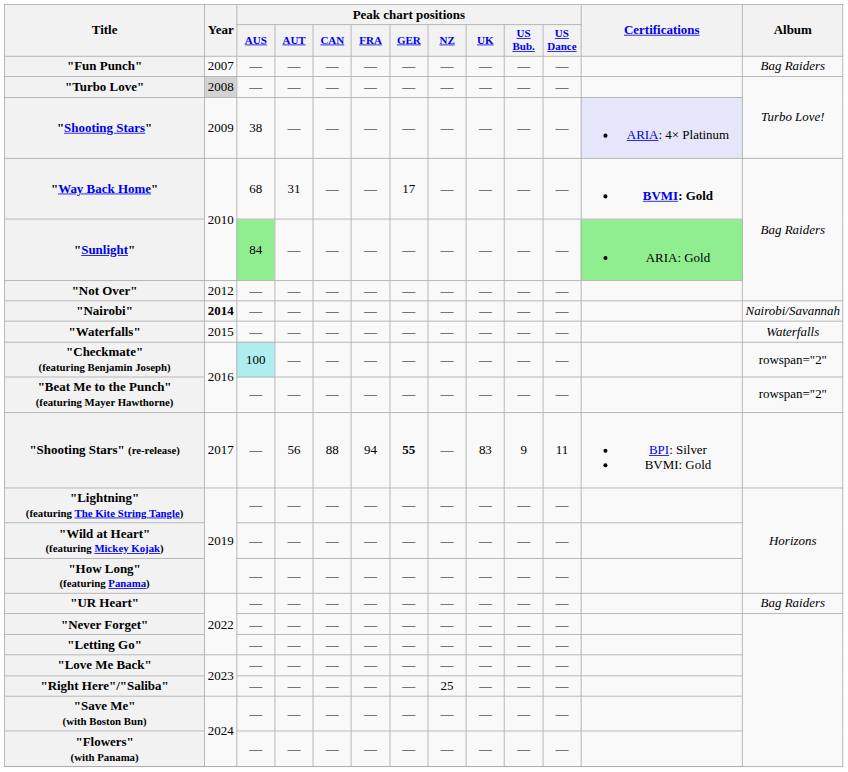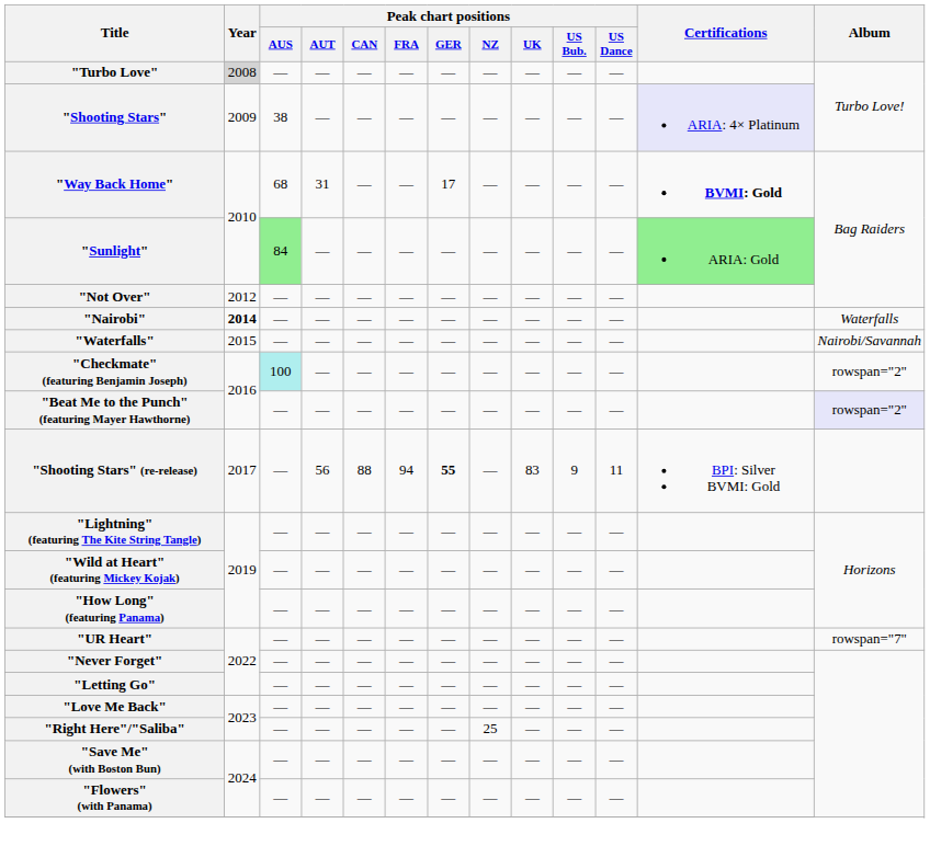 <table class="wikitable plainrowheaders" style="text-align:center;">
 <tr>
 <th scope="col" rowspan="2" style="width:15em;">Title</th>
 <th scope="col" rowspan="2" style="width:1em;">Year</th>
 <th scope="col" colspan="9">Peak chart positions</th>
 <th scope="col" rowspan="2" style="width:12em;"><a href='#'>Certifications</a></th>
 <th scope="col" rowspan="2">Album</th>
 </tr>
 <tr>
 <th scope="col" style="width:3em;font-size:85%;"><a href='#'>AUS</a><br></th>
 <th scope="col" style="width:3em;font-size:85%;"><a href='#'>AUT</a><br></th>
 <th scope="col" style="width:3em;font-size:85%;"><a href='#'>CAN</a><br></th>
 <th scope="col" style="width:3em;font-size:85%;"><a href='#'>FRA</a><br></th>
 <th scope="col" style="width:3em;font-size:85%;"><a href='#'>GER</a><br></th>
 <th scope="col" style="width:3em;font-size:85%;"><a href='#'>NZ</a><br></th>
 <th scope="col" style="width:3em;font-size:85%;"><a href='#'>UK</a><br></th>
 <th scope="col" style="width:3em;font-size:85%;"><a href='#'>US Bub.</a><br></th>
 <th scope="col" style="width:3em;font-size:85%;"><a href='#'>US<br>Dance</a> <br></th>
-</tr>
-<tr>
-<th scope="row">"Fun Punch"</th>
-<td>2007</td>
-<td>—</td>
-<td>—</td>
-<td>—</td>
-<td>—</td>
-<td>—</td>
-<td>—</td>
-<td>—</td>
-<td>—</td>
-<td>—</td>
-<td></td>
-<td><em>Bag Raiders</em></td>
 </tr>
 <tr>
 <th scope="row">"Turbo Love"</th>
 <td style="background: lightgrey;">2008</td>
 <td>—</td>
 <td>—</td>
 <td>—</td>
 <td>—</td>
 <td>—</td>
 <td>—</td>
 <td>—</td>
 <td>—</td>
 <td>—</td>
 <td></td>
 <td rowspan="2"><em>Turbo Love!</em></td>
 </tr>
 <tr>
 <th scope="row">"<a href='#'>Shooting Stars</a>"</th>
 <td>2009</td>
 <td>38</td>
 <td>—</td>
 <td>—</td>
 <td>—</td>
 <td>—</td>
 <td>—</td>
 <td>—</td>
 <td>—</td>
 <td>—</td>
 <td style="background: lavender;"><br><ul><li><a href='#'>ARIA</a>: 4× Platinum</li></ul></td>
 </tr>
 <tr>
 <th scope="row">"<a href='#'>Way Back Home</a>"</th>
 <td rowspan="2">2010</td>
 <td>68</td>
 <td>31</td>
 <td>—</td>
 <td>—</td>
 <td>17</td>
 <td>—</td>
 <td>—</td>
 <td>—</td>
 <td>—</td>
 <td><strong><br><ul><li><a href='#'>BVMI</a>: Gold</li></ul></strong></td>
 <td rowspan="3"><em>Bag Raiders</em></td>
 </tr>
 <tr>
 <th scope="row">"<a href='#'>Sunlight</a>"</th>
 <td style="background: lightgreen;">84</td>
 <td>—</td>
 <td>—</td>
 <td>—</td>
 <td>—</td>
 <td>—</td>
 <td>—</td>
 <td>—</td>
 <td>—</td>
 <td style="background: lightgreen;"><br><ul><li>ARIA: Gold</li></ul></td>
 </tr>
 <tr>
 <th scope="row">"Not Over"</th>
 <td>2012</td>
 <td>—</td>
 <td>—</td>
 <td>—</td>
 <td>—</td>
 <td>—</td>
 <td>—</td>
 <td>—</td>
 <td>—</td>
 <td>—</td>
 <td></td>
 </tr>
 <tr>
 <th scope="row">"Nairobi"</th>
 <td><strong>2014</strong></td>
 <td>—</td>
 <td>—</td>
 <td>—</td>
 <td>—</td>
 <td>—</td>
 <td>—</td>
 <td>—</td>
 <td>—</td>
 <td>—</td>
 <td></td>
-<td><em>Nairobi/Savannah</em></td>
+<td><em>Waterfalls</em></td>
 </tr>
 <tr>
 <th scope="row">"Waterfalls"</th>
 <td>2015</td>
 <td>—</td>
 <td>—</td>
 <td>—</td>
 <td>—</td>
 <td>—</td>
 <td>—</td>
 <td>—</td>
 <td>—</td>
 <td>—</td>
 <td></td>
-<td><em>Waterfalls</em></td>
+<td><em>Nairobi/Savannah</em></td>
 </tr>
 <tr>
 <th scope="row">"Checkmate" <br><small>(featuring Benjamin Joseph)</small></th>
 <td rowspan="2">2016</td>
 <td style="background: paleturquoise;">100</td>
 <td>—</td>
 <td>—</td>
 <td>—</td>
 <td>—</td>
 <td>—</td>
 <td>—</td>
 <td>—</td>
 <td>—</td>
 <td></td>
 <td>rowspan="2" </td>
 </tr>
 <tr>
 <th scope="row">"Beat Me to the Punch"<br><small>(featuring Mayer Hawthorne)</small></th>
 <td>—</td>
 <td>—</td>
 <td>—</td>
 <td>—</td>
 <td>—</td>
 <td>—</td>
 <td>—</td>
 <td>—</td>
 <td>—</td>
 <td></td>
-<td>rowspan="2" </td>
+<td style="background: lavender;">rowspan="2" </td>
 </tr>
 <tr>
 <th scope="row">"Shooting Stars" <small>(re-release)</small></th>
 <td>2017</td>
 <td>—</td>
 <td>56</td>
 <td>88</td>
 <td>94</td>
 <td><strong>55</strong></td>
 <td>—</td>
 <td>83</td>
 <td>9</td>
 <td>11</td>
 <td><br><ul><li><a href='#'>BPI</a>: Silver</li><li>BVMI: Gold</li></ul></td>
 </tr>
 <tr>
 <th scope="row">"Lightning" <br><small>(featuring <a href='#'>The Kite String Tangle</a>)</small></th>
 <td rowspan="3">2019</td>
 <td>—</td>
 <td>—</td>
 <td>—</td>
 <td>—</td>
 <td>—</td>
 <td>—</td>
 <td>—</td>
 <td>—</td>
 <td>—</td>
 <td></td>
 <td rowspan="3"><em>Horizons</em></td>
 </tr>
 <tr>
 <th scope="row">"Wild at Heart" <br><small>(featuring <a href='#'>Mickey Kojak</a>)</small></th>
 <td>—</td>
 <td>—</td>
 <td>—</td>
 <td>—</td>
 <td>—</td>
 <td>—</td>
 <td>—</td>
 <td>—</td>
 <td>—</td>
 <td></td>
 </tr>
 <tr>
 <th scope="row">"How Long" <br><small>(featuring <a href='#'>Panama</a>)</small></th>
 <td>—</td>
 <td>—</td>
 <td>—</td>
 <td>—</td>
 <td>—</td>
 <td>—</td>
 <td>—</td>
 <td>—</td>
 <td>—</td>
 <td></td>
 </tr>
 <tr>
 <th scope="row">"UR Heart"</th>
 <td rowspan="3">2022</td>
 <td>—</td>
 <td>—</td>
 <td>—</td>
 <td>—</td>
 <td>—</td>
 <td>—</td>
 <td>—</td>
 <td>—</td>
 <td>—</td>
 <td></td>
-<td><em>Bag Raiders</em></td>
+<td>rowspan="7" </td>
 </tr>
 <tr>
 <th scope="row">"Never Forget"</th>
 <td>—</td>
 <td>—</td>
 <td>—</td>
 <td>—</td>
 <td>—</td>
 <td>—</td>
 <td>—</td>
 <td>—</td>
 <td>—</td>
 <td></td>
 </tr>
 <tr>
 <th scope="row">"Letting Go"</th>
 <td>—</td>
 <td>—</td>
 <td>—</td>
 <td>—</td>
 <td>—</td>
 <td>—</td>
 <td>—</td>
 <td>—</td>
 <td>—</td>
 <td></td>
 </tr>
 <tr>
 <th scope="row">"Love Me Back"</th>
 <td rowspan="2">2023</td>
 <td>—</td>
 <td>—</td>
 <td>—</td>
 <td>—</td>
 <td>—</td>
 <td>—</td>
 <td>—</td>
 <td>—</td>
 <td>—</td>
 <td></td>
 </tr>
 <tr>
 <th scope="row">"Right Here"/"Saliba"</th>
 <td>—</td>
 <td>—</td>
 <td>—</td>
 <td>—</td>
 <td>—</td>
 <td>25</td>
 <td>—</td>
 <td>—</td>
 <td>—</td>
 <td></td>
 </tr>
 <tr>
 <th scope="row">"Save Me" <br><small>(with Boston Bun)</small></th>
 <td rowspan="2">2024</td>
 <td>—</td>
 <td>—</td>
 <td>—</td>
 <td>—</td>
 <td>—</td>
 <td>—</td>
 <td>—</td>
 <td>—</td>
 <td>—</td>
 <td></td>
 </tr>
 <tr>
 <th scope="row">"Flowers" <br><small>(with Panama)</small></th>
 <td>—</td>
 <td>—</td>
 <td>—</td>
 <td>—</td>
 <td>—</td>
 <td>—</td>
 <td>—</td>
 <td>—</td>
 <td>—</td>
 <td></td>
 </tr>
 <tr>
 </tr>
 </table>
